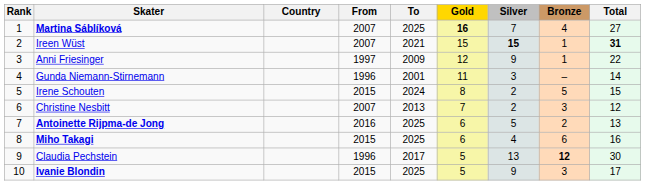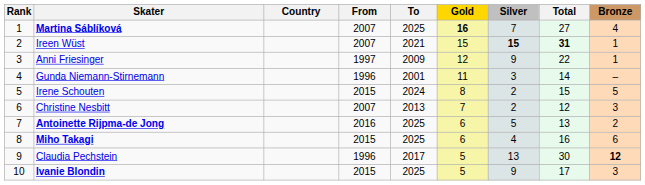 <table class="wikitable plainrowheaders" width=80% style="text-align:center;">
 <tr style="background-color:#EDEDED;">
 <th class="hintergrundfarbe5" style="width:1em">Rank</th>
 <th class="hintergrundfarbe5">Skater</th>
 <th class="hintergrundfarbe5">Country</th>
 <th class="hintergrundfarbe5">From</th>
 <th class="hintergrundfarbe5">To</th>
 <th style="background:    gold; width:8%">Gold</th>
 <th style="background:  silver; width:8%">Silver</th>
+<th class="hintergrundfarbe5" style="width:8%">Total</th>
 <th style="background: #CC9966; width:8%">Bronze</th>
-<th class="hintergrundfarbe5" style="width:8%">Total</th>
 </tr>
 <tr>
 <td>1</td>
 <td align="left"><strong><a href='#'>Martina Sáblíková</a></strong></td>
 <td align="left"></td>
 <td>2007</td>
 <td>2025</td>
 <td bgcolor="#F7F6A8"><strong>16</strong></td>
 <td bgcolor="#DCE5E5">7</td>
+<td bgcolor="#E7FAEC">27</td>
 <td bgcolor="#FFDAB9">4</td>
-<td bgcolor="#E7FAEC">27</td>
 </tr>
 <tr align="center">
 <td>2</td>
 <td align="left"><a href='#'>Ireen Wüst</a></td>
 <td align="left"></td>
 <td>2007</td>
 <td>2021</td>
 <td bgcolor="#F7F6A8">15</td>
 <td bgcolor="#DCE5E5"><strong>15</strong></td>
+<td bgcolor="#E7FAEC"><strong>31</strong></td>
 <td bgcolor="#FFDAB9">1</td>
-<td bgcolor="#E7FAEC"><strong>31</strong></td>
 </tr>
 <tr align="center">
 <td>3</td>
 <td align="left"><a href='#'>Anni Friesinger</a></td>
 <td align="left"></td>
 <td>1997</td>
 <td>2009</td>
 <td bgcolor="#F7F6A8">12</td>
 <td bgcolor="#DCE5E5">9</td>
+<td bgcolor="#E7FAEC">22</td>
 <td bgcolor="#FFDAB9">1</td>
-<td bgcolor="#E7FAEC">22</td>
 </tr>
 <tr align="center">
 <td>4</td>
 <td align="left"><a href='#'>Gunda Niemann-Stirnemann</a></td>
 <td align="left"></td>
 <td>1996</td>
 <td>2001</td>
 <td bgcolor="#F7F6A8">11</td>
 <td bgcolor="#DCE5E5">3</td>
+<td bgcolor="#E7FAEC">14</td>
 <td bgcolor="#FFDAB9">–</td>
-<td bgcolor="#E7FAEC">14</td>
 </tr>
 <tr align="center">
 <td>5</td>
 <td align="left"><a href='#'>Irene Schouten</a></td>
 <td align="left"></td>
 <td>2015</td>
 <td>2024</td>
 <td bgcolor="#F7F6A8">8</td>
 <td bgcolor="#DCE5E5">2</td>
+<td bgcolor="#E7FAEC">15</td>
 <td bgcolor="#FFDAB9">5</td>
-<td bgcolor="#E7FAEC">15</td>
 </tr>
 <tr align="center">
 <td>6</td>
 <td align="left"><a href='#'>Christine Nesbitt</a></td>
 <td align="left"></td>
 <td>2007</td>
 <td>2013</td>
 <td bgcolor="#F7F6A8">7</td>
 <td bgcolor="#DCE5E5">2</td>
+<td bgcolor="#E7FAEC">12</td>
 <td bgcolor="#FFDAB9">3</td>
-<td bgcolor="#E7FAEC">12</td>
 </tr>
 <tr align="center">
 <td>7</td>
 <td align="left"><strong><a href='#'>Antoinette Rijpma-de Jong</a></strong></td>
 <td align="left"></td>
 <td>2016</td>
 <td>2025</td>
 <td bgcolor="#F7F6A8">6</td>
 <td bgcolor="#DCE5E5">5</td>
+<td bgcolor="#E7FAEC">13</td>
 <td bgcolor="#FFDAB9">2</td>
-<td bgcolor="#E7FAEC">13</td>
 </tr>
 <tr align="center">
 <td>8</td>
 <td align="left"><strong><a href='#'>Miho Takagi</a></strong></td>
 <td align="left"></td>
 <td>2015</td>
 <td>2025</td>
 <td bgcolor="#F7F6A8">6</td>
 <td bgcolor="#DCE5E5">4</td>
+<td bgcolor="#E7FAEC">16</td>
 <td bgcolor="#FFDAB9">6</td>
-<td bgcolor="#E7FAEC">16</td>
 </tr>
 <tr align="center">
 <td>9</td>
 <td align="left"><a href='#'>Claudia Pechstein</a></td>
 <td align="left"></td>
 <td>1996</td>
 <td>2017</td>
 <td bgcolor="#F7F6A8">5</td>
 <td bgcolor="#DCE5E5">13</td>
+<td bgcolor="#E7FAEC">30</td>
 <td bgcolor="#FFDAB9"><strong>12</strong></td>
-<td bgcolor="#E7FAEC">30</td>
 </tr>
 <tr align="center">
 <td>10</td>
 <td align="left"><strong><a href='#'>Ivanie Blondin</a></strong></td>
 <td align="left"></td>
 <td>2015</td>
 <td>2025</td>
 <td bgcolor="#F7F6A8">5</td>
 <td bgcolor="#DCE5E5">9</td>
+<td bgcolor="#E7FAEC">17</td>
 <td bgcolor="#FFDAB9">3</td>
-<td bgcolor="#E7FAEC">17</td>
 </tr>
 </table>
